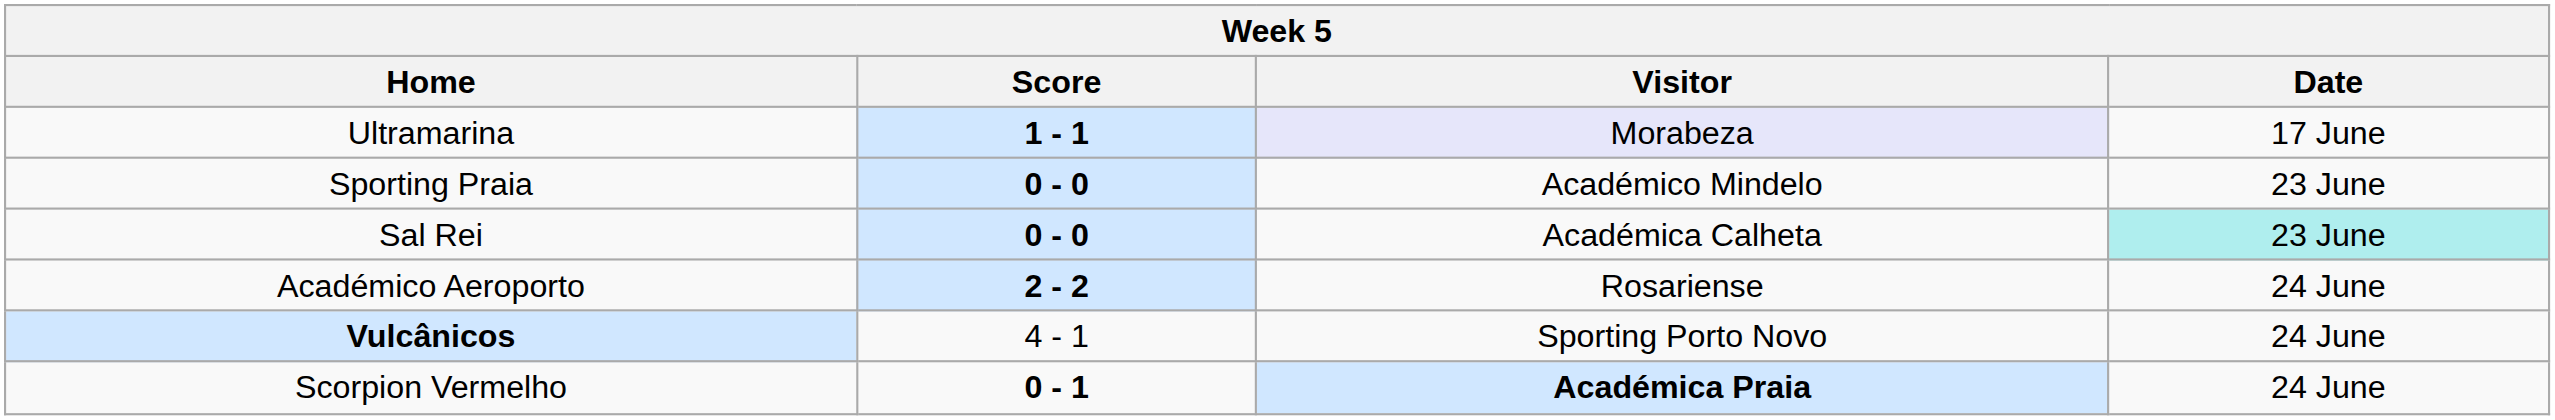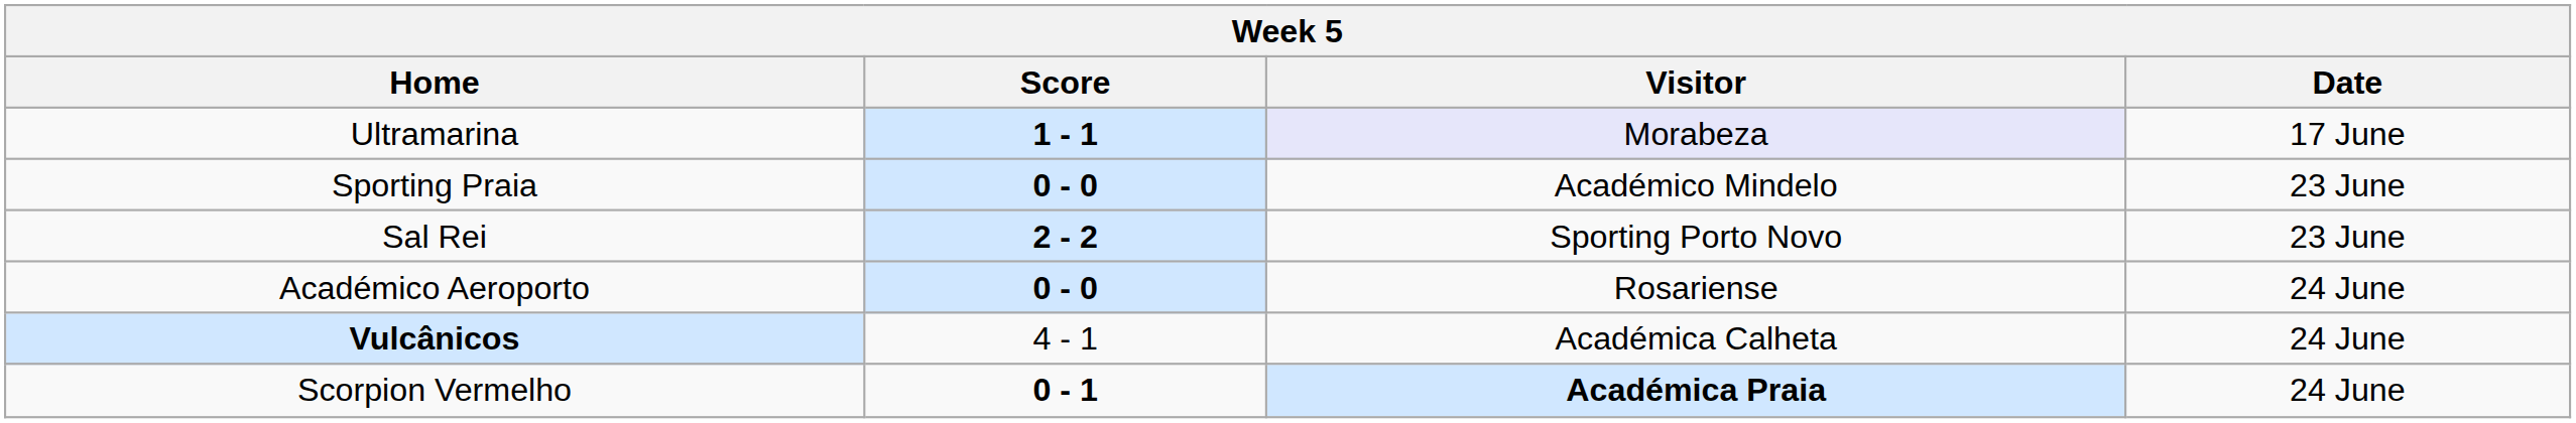 <table class="wikitable" style="font-size:95%; text-align: center; width: 95%;">
 <tr>
 <th colspan="12" style="with: 100%;" align=center>Week 5</th>
 </tr>
 <tr>
 <th width="200">Home</th>
 <th width="90">Score</th>
 <th width="200">Visitor</th>
 <th width="100">Date</th>
 </tr>
 <tr align=center>
 <td>Ultramarina</td>
 <td bgcolor=#D0E7FF><strong>1 - 1</strong></td>
 <td style="background: lavender;">Morabeza</td>
 <td>17 June</td>
 </tr>
 <tr align=center>
 <td>Sporting Praia</td>
 <td bgcolor=#D0E7FF><strong>0 - 0</strong></td>
 <td>Académico Mindelo</td>
 <td>23 June</td>
 </tr>
 <tr align=center>
 <td>Sal Rei</td>
-<td bgcolor=#D0E7FF><strong>0 - 0</strong></td>
-<td>Académica Calheta</td>
-<td style="background: paleturquoise;">23 June</td>
+<td bgcolor=#D0E7FF><strong>2 - 2</strong></td>
+<td>Sporting Porto Novo</td>
+<td>23 June</td>
 </tr>
 <tr align=center>
 <td>Académico Aeroporto</td>
-<td bgcolor=#D0E7FF><strong>2 - 2</strong></td>
+<td bgcolor=#D0E7FF><strong>0 - 0</strong></td>
 <td>Rosariense</td>
 <td>24 June</td>
 </tr>
 <tr align=center>
 <td bgcolor=#D0E7FF><strong>Vulcânicos</strong></td>
 <td>4 - 1</td>
-<td>Sporting Porto Novo</td>
+<td>Académica Calheta</td>
 <td>24 June</td>
 </tr>
 <tr align=center>
 <td>Scorpion Vermelho</td>
 <td><strong>0 - 1</strong></td>
 <td bgcolor=#D0E7FF><strong>Académica Praia</strong></td>
 <td>24 June</td>
 </tr>
 </table>
